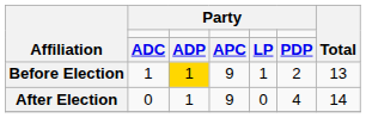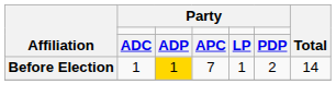 <table class=wikitable style="text-align:center">
 <tr style="vertical-align:bottom;">
 <th rowspan=3>Affiliation</th>
 <th colspan="5">Party</th>
 <th rowspan=3>Total</th>
 </tr>
 <tr>
 <td style="background-color:"></td>
 <td style="background-color:"></td>
 <td style="background-color:"></td>
 <td style="background-color:"></td>
 <td style="background-color:"></td>
 </tr>
 <tr>
 <th><a href='#'>ADC</a></th>
 <th><a href='#'>ADP</a></th>
 <th><a href='#'>APC</a></th>
 <th><a href='#'>LP</a></th>
 <th><a href='#'>PDP</a></th>
 </tr>
 <tr>
 <th>Before Election</th>
 <td>1</td>
 <td style="background: gold;">1</td>
-<td>9</td>
+<td>7</td>
 <td>1</td>
 <td>2</td>
-<td>13</td>
-</tr>
-<tr>
-<th>After Election</th>
-<td>0</td>
-<td>1</td>
-<td>9</td>
-<td>0</td>
-<td>4</td>
 <td>14</td>
 </tr>
 <tr>
 </tr>
 </table>
